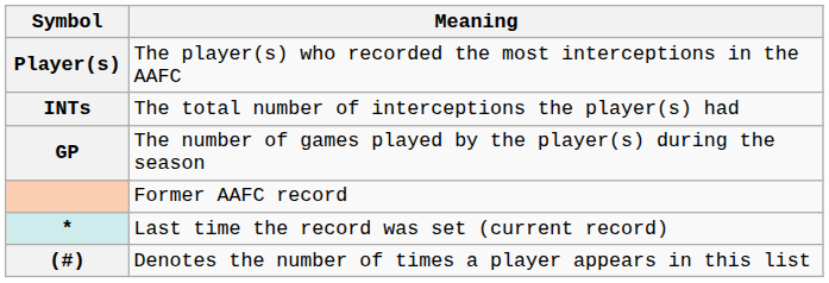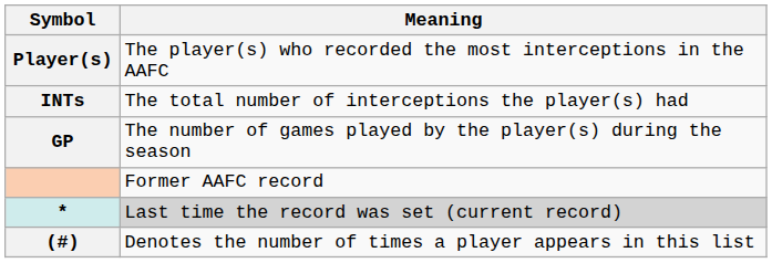 <table class="wikitable plainrowheaders" border="1">
 <tr>
 <th scope="col" style="width:75px">Symbol</th>
 <th scope="col" style="width:450px">Meaning</th>
 </tr>
 <tr>
 <th scope="row" style="text-align:center;"><strong>Player(s)</strong></th>
 <td>The player(s) who recorded the most interceptions in the AAFC</td>
 </tr>
 <tr>
 <th scope="row" style="text-align:center;"><strong>INTs</strong></th>
 <td>The total number of interceptions the player(s) had</td>
 </tr>
 <tr>
 <th scope="row" style="text-align:center;"><strong>GP</strong></th>
 <td>The number of games played by the player(s) during the season</td>
 </tr>
 <tr>
 <th scope="row" style="text-align:center; background:#FBCEB1;"></th>
 <td>Former AAFC record</td>
 </tr>
 <tr>
 <th scope="row" style="text-align:center; background:#CFECEC;">*</th>
-<td>Last time the record was set (current record)</td>
+<td style="background: lightgrey;">Last time the record was set (current record)</td>
 </tr>
 <tr>
 <th scope="row" style="text-align:center;">(#)</th>
 <td>Denotes the number of times a player appears in this list</td>
 </tr>
 </table>
